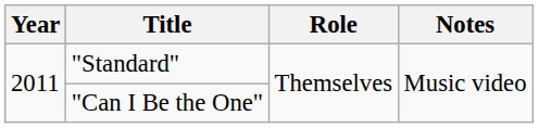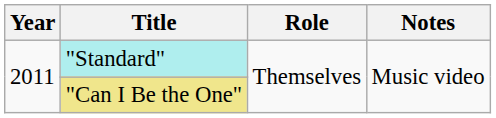 <table class="wikitable">
 <tr>
 <th scope="col">Year</th>
 <th scope="col">Title</th>
 <th scope="col">Role</th>
 <th scope="col">Notes</th>
 </tr>
 <tr>
 <td rowspan="2">2011</td>
-<td>"Standard"</td>
+<td style="background: paleturquoise;">"Standard"</td>
 <td rowspan="2">Themselves</td>
 <td rowspan="2">Music video</td>
 </tr>
 <tr>
-<td>"Can I Be the One" </td>
+<td style="background: khaki;">"Can I Be the One" </td>
 </tr>
 </table>
